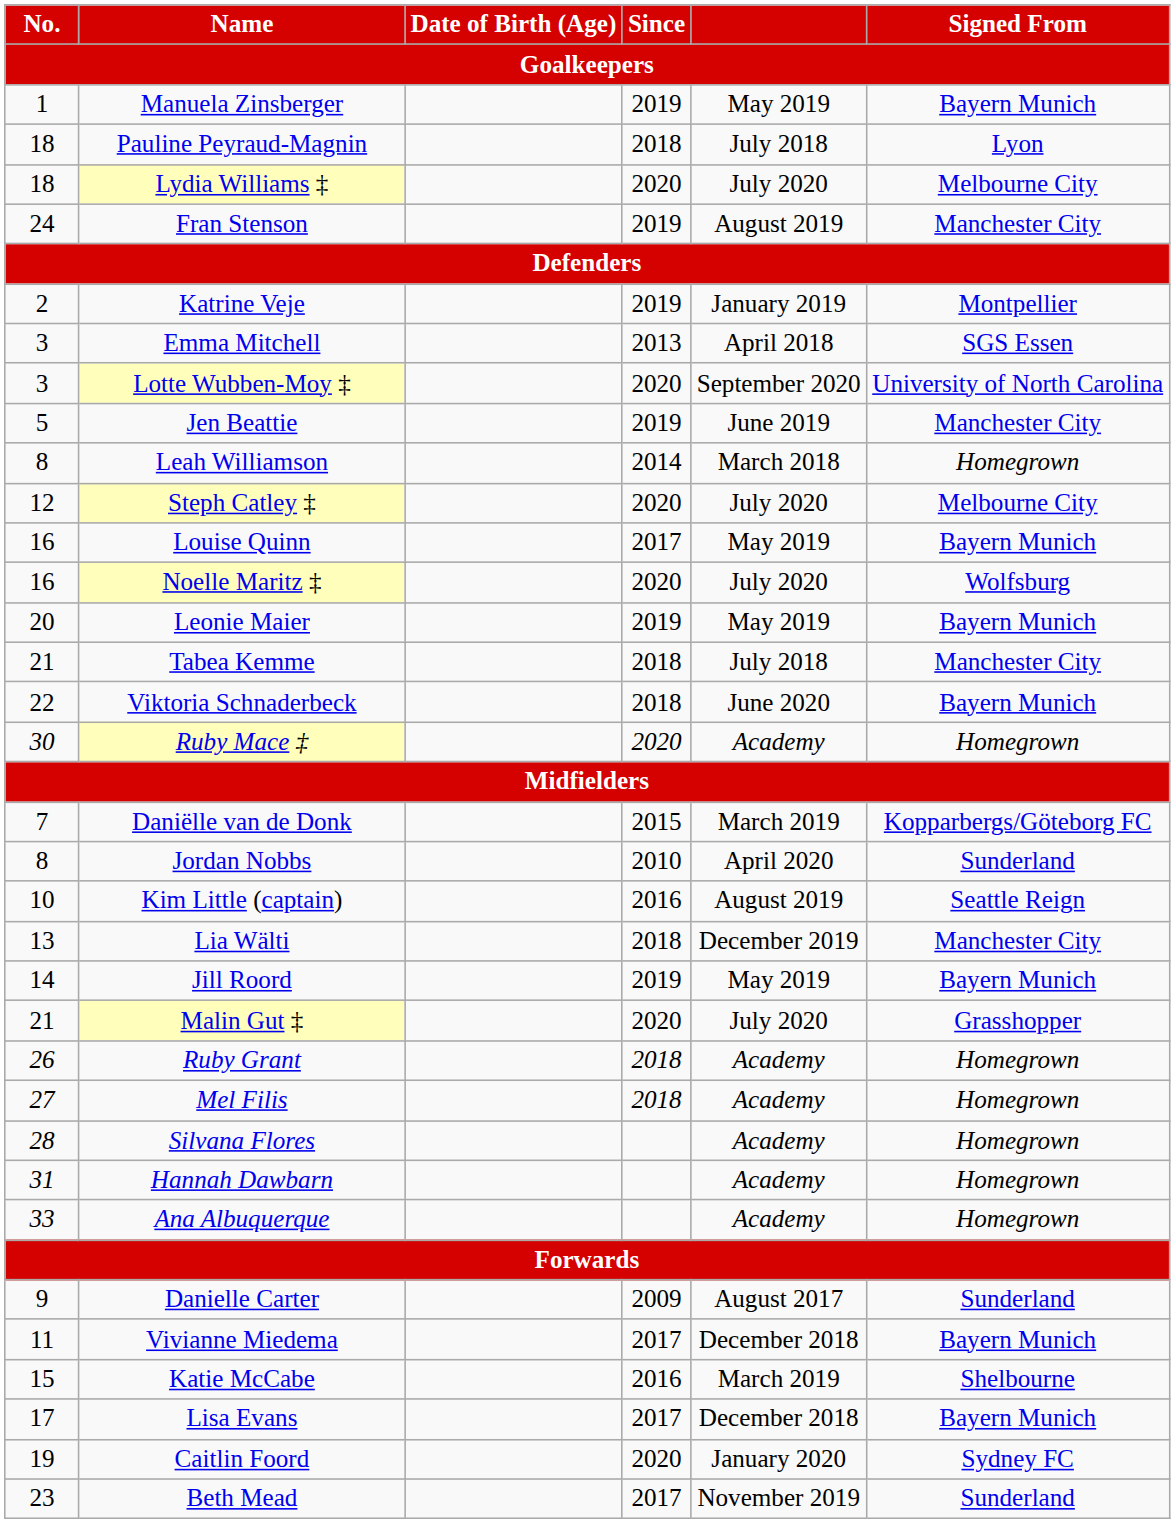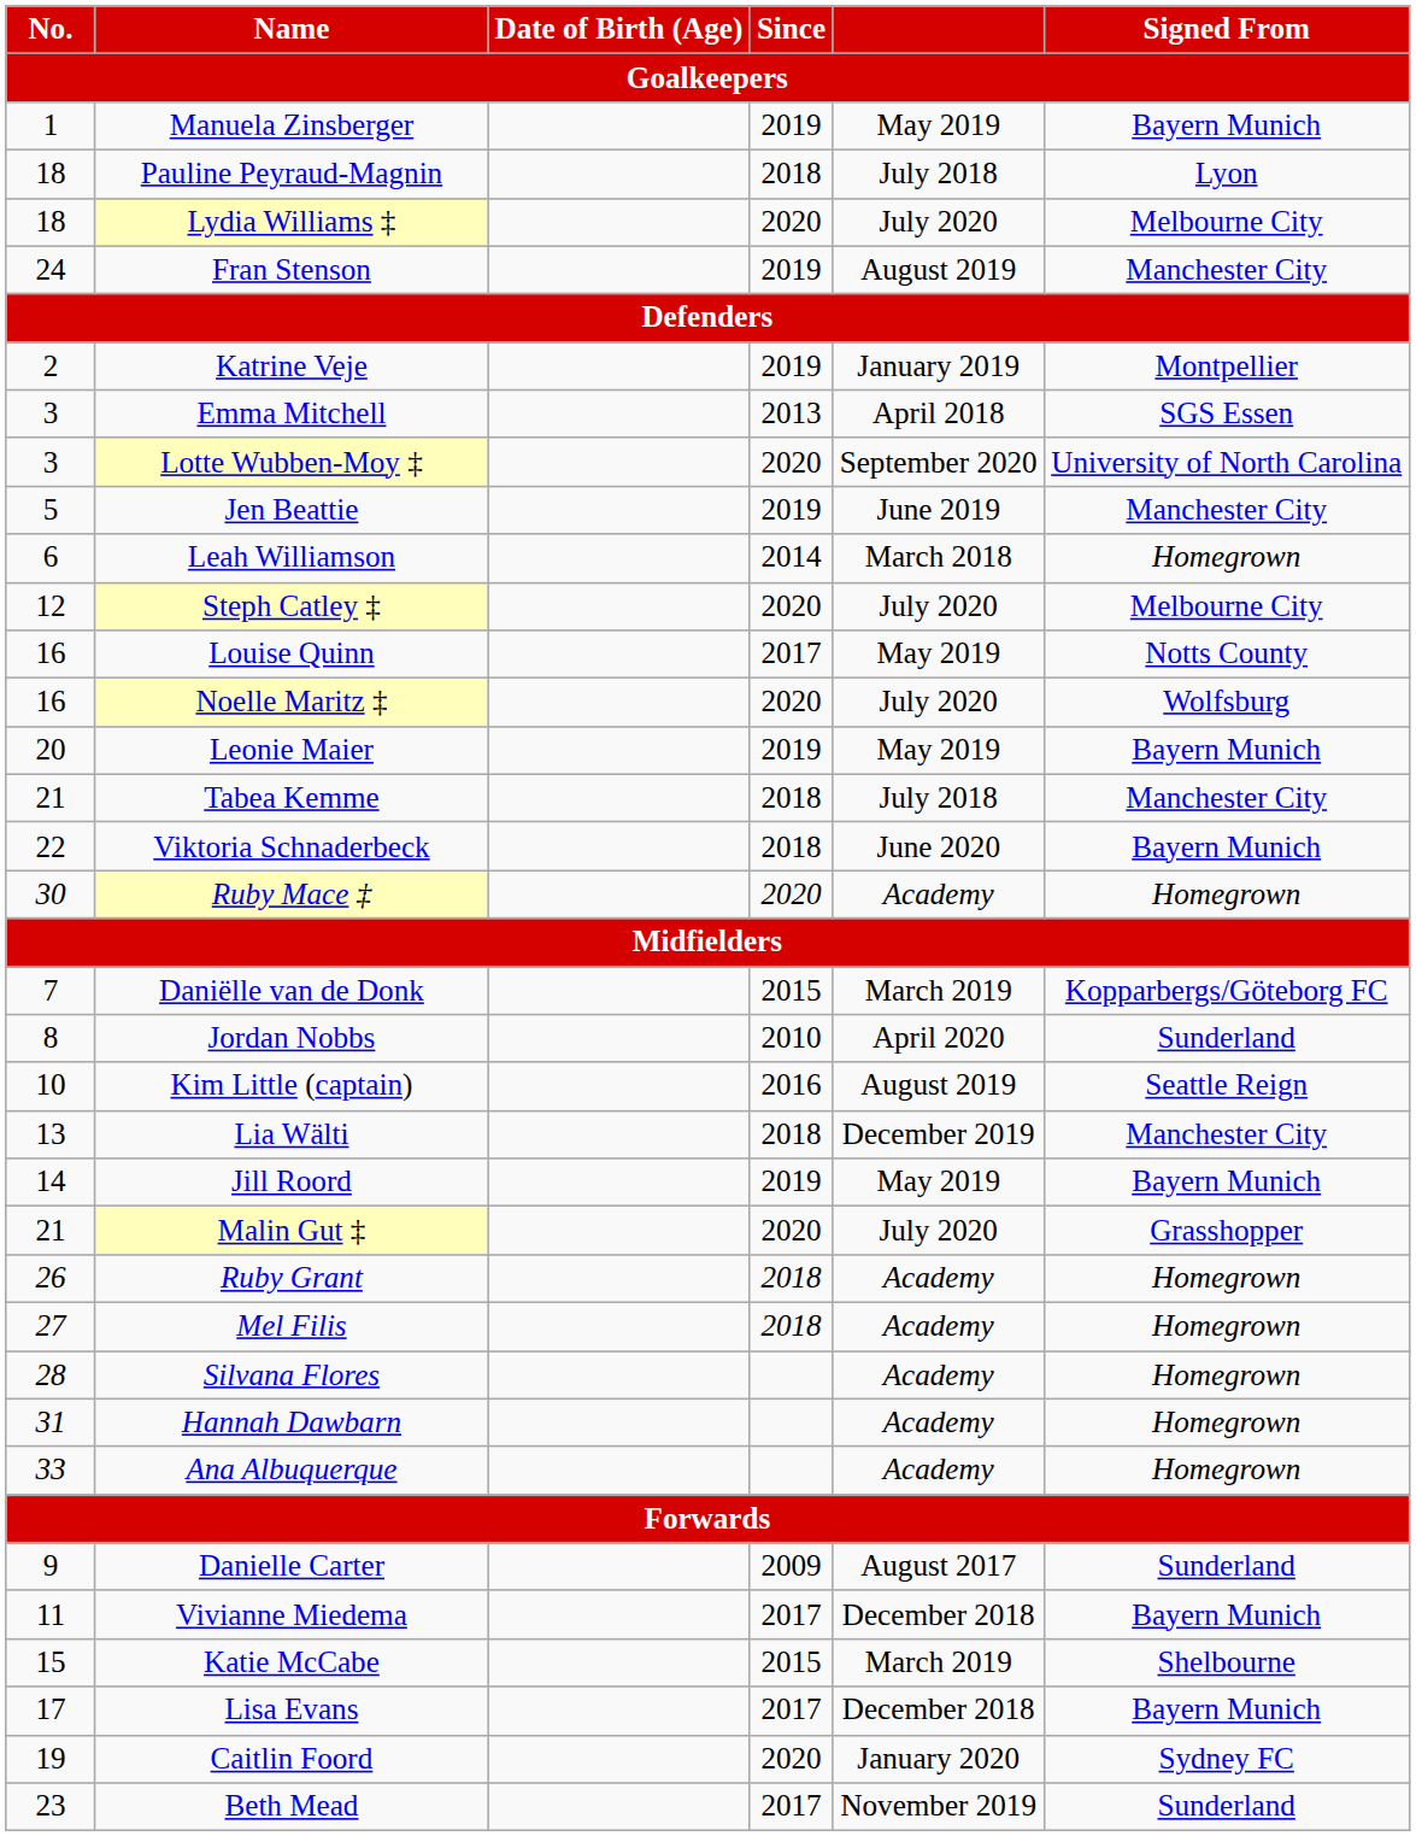 <table class="wikitable" style="text-align:center; font-size:100%; ">
 <tr>
 <th style="background:#d50000; color:white; text-align:center; width:40px">No.</th>
 <th style="background:#d50000; color:white; text-align:center;width:200px">Name</th>
 <th style="background:#d50000; color:white; text-align:center;">Date of Birth (Age)</th>
 <th style="background:#d50000; color:white; text-align:center;">Since</th>
 <th style="background:#d50000; color:white; text-align:center;"></th>
 <th style="background:#d50000; color:white; text-align:center;">Signed From</th>
 </tr>
 <tr>
 <th colspan="6" style="background:#d50000; color:white; text-align:center">Goalkeepers</th>
 </tr>
 <tr>
 <td>1</td>
 <td> <a href='#'>Manuela Zinsberger</a></td>
 <td></td>
 <td>2019</td>
 <td>May 2019</td>
 <td> <a href='#'>Bayern Munich</a></td>
 </tr>
 <tr>
 <td>18</td>
 <td> <a href='#'>Pauline Peyraud-Magnin</a></td>
 <td></td>
 <td>2018</td>
 <td>July 2018</td>
 <td> <a href='#'>Lyon</a></td>
 </tr>
 <tr>
 <td>18</td>
 <td style="background:#ffb;"> <a href='#'>Lydia Williams</a> ‡</td>
 <td></td>
 <td>2020</td>
 <td>July 2020</td>
 <td> <a href='#'>Melbourne City</a></td>
 </tr>
 <tr>
 <td>24</td>
 <td> <a href='#'>Fran Stenson</a></td>
 <td></td>
 <td>2019</td>
 <td>August 2019</td>
 <td> <a href='#'>Manchester City</a></td>
 </tr>
 <tr>
 <th colspan="6" style="background:#d50000; color:white; text-align:center">Defenders</th>
 </tr>
 <tr>
 <td>2</td>
 <td> <a href='#'>Katrine Veje</a></td>
 <td></td>
 <td>2019</td>
 <td>January 2019</td>
 <td> <a href='#'>Montpellier</a></td>
 </tr>
 <tr>
 <td>3</td>
 <td> <a href='#'>Emma Mitchell</a></td>
 <td></td>
 <td>2013</td>
 <td>April 2018</td>
 <td> <a href='#'>SGS Essen</a></td>
 </tr>
 <tr>
 <td>3</td>
 <td style="background:#ffb;"> <a href='#'>Lotte Wubben-Moy</a> ‡</td>
 <td></td>
 <td>2020</td>
 <td>September 2020</td>
 <td> <a href='#'>University of North Carolina</a></td>
 </tr>
 <tr>
 <td>5</td>
 <td> <a href='#'>Jen Beattie</a></td>
 <td></td>
 <td>2019</td>
 <td>June 2019</td>
 <td> <a href='#'>Manchester City</a></td>
 </tr>
 <tr>
-<td>8</td>
+<td>6</td>
 <td> <a href='#'>Leah Williamson</a></td>
 <td></td>
 <td>2014</td>
 <td>March 2018</td>
 <td><em>Homegrown</em></td>
 </tr>
 <tr>
 <td>12</td>
 <td style="background:#ffb;"> <a href='#'>Steph Catley</a> ‡</td>
 <td></td>
 <td>2020</td>
 <td>July 2020</td>
 <td> <a href='#'>Melbourne City</a></td>
 </tr>
 <tr>
 <td>16</td>
 <td> <a href='#'>Louise Quinn</a></td>
 <td></td>
 <td>2017</td>
 <td>May 2019</td>
-<td> <a href='#'>Bayern Munich</a></td>
+<td> <a href='#'>Notts County</a></td>
 </tr>
 <tr>
 <td>16</td>
 <td style="background:#ffb;"> <a href='#'>Noelle Maritz</a> ‡</td>
 <td></td>
 <td>2020</td>
 <td>July 2020</td>
 <td> <a href='#'>Wolfsburg</a></td>
 </tr>
 <tr>
 <td>20</td>
 <td> <a href='#'>Leonie Maier</a></td>
 <td></td>
 <td>2019</td>
 <td>May 2019</td>
 <td> <a href='#'>Bayern Munich</a></td>
 </tr>
 <tr>
 <td>21</td>
 <td> <a href='#'>Tabea Kemme</a></td>
 <td></td>
 <td>2018</td>
 <td>July 2018</td>
 <td> <a href='#'>Manchester City</a></td>
 </tr>
 <tr>
 <td>22</td>
 <td> <a href='#'>Viktoria Schnaderbeck</a></td>
 <td></td>
 <td>2018</td>
 <td>June 2020</td>
 <td> <a href='#'>Bayern Munich</a></td>
 </tr>
 <tr>
 <td><em>30</em></td>
 <td style="background:#ffb;"><em> <a href='#'>Ruby Mace</a> ‡</em></td>
 <td><em></em></td>
 <td><em>2020</em></td>
 <td><em>Academy</em></td>
 <td><em>Homegrown</em></td>
 </tr>
 <tr>
 <th colspan="6" style="background:#d50000; color:white; text-align:center">Midfielders</th>
 </tr>
 <tr>
 <td>7</td>
 <td> <a href='#'>Daniëlle van de Donk</a></td>
 <td></td>
 <td>2015</td>
 <td>March 2019</td>
 <td> <a href='#'>Kopparbergs/Göteborg FC</a></td>
 </tr>
 <tr>
 <td>8</td>
 <td> <a href='#'>Jordan Nobbs</a></td>
 <td></td>
 <td>2010</td>
 <td>April 2020</td>
 <td> <a href='#'>Sunderland</a></td>
 </tr>
 <tr>
 <td>10</td>
 <td> <a href='#'>Kim Little</a> (<a href='#'>captain</a>)</td>
 <td></td>
 <td>2016</td>
 <td>August 2019</td>
 <td> <a href='#'>Seattle Reign</a></td>
 </tr>
 <tr>
 <td>13</td>
 <td> <a href='#'>Lia Wälti</a></td>
 <td></td>
 <td>2018</td>
 <td>December 2019</td>
 <td> <a href='#'>Manchester City</a></td>
 </tr>
 <tr>
 <td>14</td>
 <td> <a href='#'>Jill Roord</a></td>
 <td></td>
 <td>2019</td>
 <td>May 2019</td>
 <td> <a href='#'>Bayern Munich</a></td>
 </tr>
 <tr>
 <td>21</td>
 <td style="background:#ffb;"> <a href='#'>Malin Gut</a> ‡</td>
 <td></td>
 <td>2020</td>
 <td>July 2020</td>
 <td> <a href='#'>Grasshopper</a></td>
 </tr>
 <tr>
 <td><em>26</em></td>
 <td><em> <a href='#'>Ruby Grant</a></em></td>
 <td><em></em></td>
 <td><em>2018</em></td>
 <td><em>Academy</em></td>
 <td><em>Homegrown</em></td>
 </tr>
 <tr>
 <td><em>27</em></td>
 <td><em> <a href='#'>Mel Filis</a></em></td>
 <td><em></em></td>
 <td><em>2018</em></td>
 <td><em>Academy</em></td>
 <td><em>Homegrown</em></td>
 </tr>
 <tr>
 <td><em>28</em></td>
 <td><em> <a href='#'>Silvana Flores</a></em></td>
 <td><em></em></td>
 <td></td>
 <td><em>Academy</em></td>
 <td><em>Homegrown</em></td>
 </tr>
 <tr>
 <td><em>31</em></td>
 <td> <em><a href='#'>Hannah Dawbarn</a></em></td>
 <td></td>
 <td></td>
 <td><em>Academy</em></td>
 <td><em>Homegrown</em></td>
 </tr>
 <tr>
 <td><em>33</em></td>
 <td> <em><a href='#'>Ana Albuquerque</a></em></td>
 <td><em></em></td>
 <td></td>
 <td><em>Academy</em></td>
 <td><em>Homegrown</em></td>
 </tr>
 <tr>
 <th colspan="6" style="background:#d50000; color:white; text-align:center">Forwards</th>
 </tr>
 <tr>
 <td>9</td>
 <td> <a href='#'>Danielle Carter</a></td>
 <td></td>
 <td>2009</td>
 <td>August 2017</td>
 <td> <a href='#'>Sunderland</a></td>
 </tr>
 <tr>
 <td>11</td>
 <td> <a href='#'>Vivianne Miedema</a></td>
 <td></td>
 <td>2017</td>
 <td>December 2018</td>
 <td> <a href='#'>Bayern Munich</a></td>
 </tr>
 <tr>
 <td>15</td>
 <td> <a href='#'>Katie McCabe</a></td>
 <td></td>
-<td>2016</td>
+<td>2015</td>
 <td>March 2019</td>
 <td> <a href='#'>Shelbourne</a></td>
 </tr>
 <tr>
 <td>17</td>
 <td> <a href='#'>Lisa Evans</a></td>
 <td></td>
 <td>2017</td>
 <td>December 2018</td>
 <td> <a href='#'>Bayern Munich</a></td>
 </tr>
 <tr>
 <td>19</td>
 <td> <a href='#'>Caitlin Foord</a></td>
 <td></td>
 <td>2020</td>
 <td>January 2020</td>
 <td> <a href='#'>Sydney FC</a></td>
 </tr>
 <tr>
 <td>23</td>
 <td> <a href='#'>Beth Mead</a></td>
 <td></td>
 <td>2017</td>
 <td>November 2019</td>
 <td> <a href='#'>Sunderland</a></td>
 </tr>
 </table>
